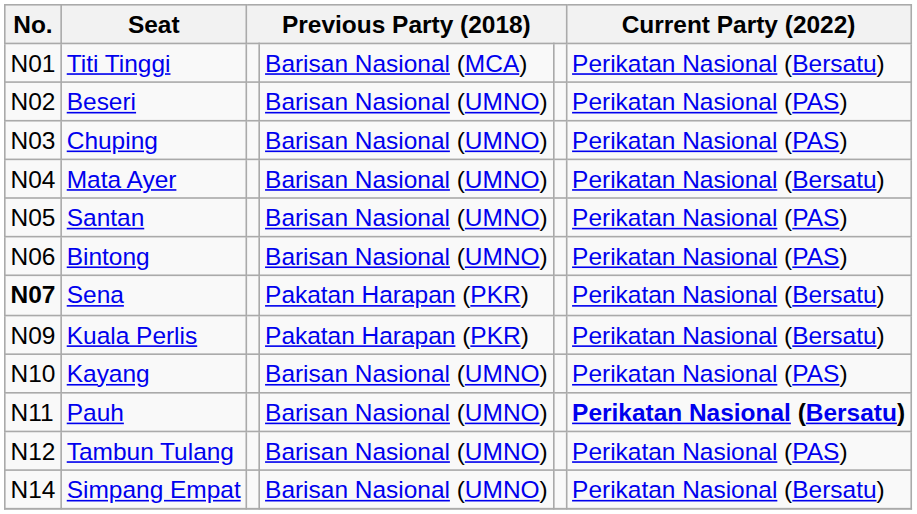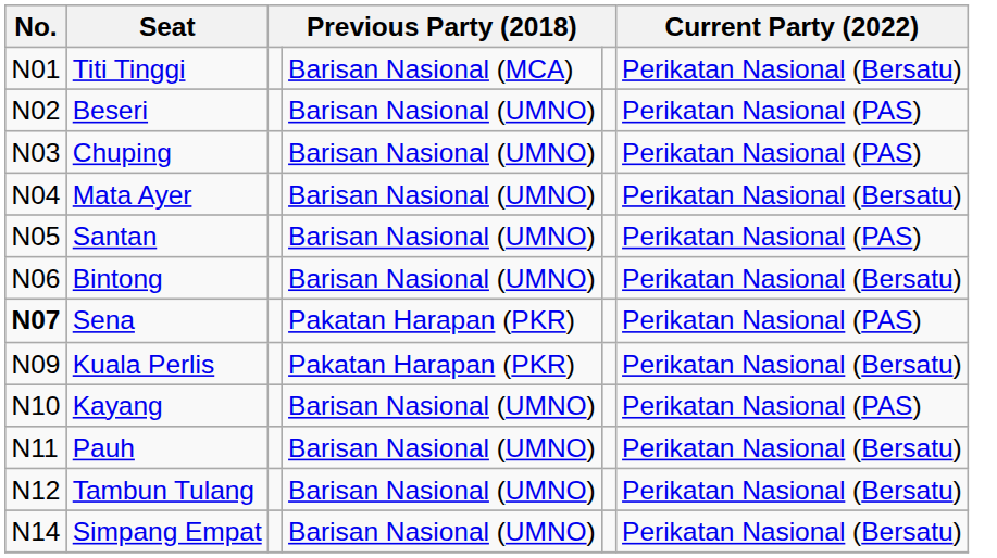 <table class="wikitable sortable" style="font-size:95%;">
 <tr>
 <th scope="col">No.</th>
 <th scope="col">Seat</th>
 <th colspan="3" scope="col">Previous Party (2018)</th>
 <th colspan="3" scope="col">Current Party (2022)</th>
 </tr>
 <tr>
 <td>N01</td>
 <td><a href='#'>Titi Tinggi</a></td>
 <td width="1"></td>
 <td><a href='#'>Barisan Nasional</a> (<a href='#'>MCA</a>)</td>
 <td width="1"></td>
 <td><a href='#'>Perikatan Nasional</a> (<a href='#'>Bersatu</a>)</td>
 </tr>
 <tr>
 <td>N02</td>
 <td><a href='#'>Beseri</a></td>
 <td width="1"></td>
 <td><a href='#'>Barisan Nasional</a> (<a href='#'>UMNO</a>)</td>
 <td width="1"></td>
 <td><a href='#'>Perikatan Nasional</a> (<a href='#'>PAS</a>)</td>
 </tr>
 <tr>
 <td>N03</td>
 <td><a href='#'>Chuping</a></td>
 <td width="1"></td>
 <td><a href='#'>Barisan Nasional</a> (<a href='#'>UMNO</a>)</td>
 <td width="1"></td>
 <td><a href='#'>Perikatan Nasional</a> (<a href='#'>PAS</a>)</td>
 </tr>
 <tr>
 <td>N04</td>
 <td><a href='#'>Mata Ayer</a></td>
 <td width="1"></td>
 <td><a href='#'>Barisan Nasional</a> (<a href='#'>UMNO</a>)</td>
 <td width="1"></td>
 <td><a href='#'>Perikatan Nasional</a> (<a href='#'>Bersatu</a>)</td>
 </tr>
 <tr>
 <td>N05</td>
 <td><a href='#'>Santan</a></td>
 <td width="1"></td>
 <td><a href='#'>Barisan Nasional</a> (<a href='#'>UMNO</a>)</td>
 <td width="1"></td>
 <td><a href='#'>Perikatan Nasional</a> (<a href='#'>PAS</a>)</td>
 </tr>
 <tr>
 <td>N06</td>
 <td><a href='#'>Bintong</a></td>
 <td width="1"></td>
 <td><a href='#'>Barisan Nasional</a> (<a href='#'>UMNO</a>)</td>
 <td width="1"></td>
-<td><a href='#'>Perikatan Nasional</a> (<a href='#'>PAS</a>)</td>
+<td><a href='#'>Perikatan Nasional</a> (<a href='#'>Bersatu</a>)</td>
 </tr>
 <tr>
 <td><strong>N07</strong></td>
 <td><a href='#'>Sena</a></td>
 <td width="1"></td>
 <td><a href='#'>Pakatan Harapan</a> (<a href='#'>PKR</a>)</td>
 <td width="1"></td>
-<td><a href='#'>Perikatan Nasional</a> (<a href='#'>Bersatu</a>)</td>
+<td><a href='#'>Perikatan Nasional</a> (<a href='#'>PAS</a>)</td>
 </tr>
 <tr>
 <td>N09</td>
 <td><a href='#'>Kuala Perlis</a></td>
 <td width="1"></td>
 <td><a href='#'>Pakatan Harapan</a> (<a href='#'>PKR</a>)</td>
 <td width="1"></td>
 <td><a href='#'>Perikatan Nasional</a> (<a href='#'>Bersatu</a>)</td>
 </tr>
 <tr>
 <td>N10</td>
 <td><a href='#'>Kayang</a></td>
 <td width="1"></td>
 <td><a href='#'>Barisan Nasional</a> (<a href='#'>UMNO</a>)</td>
 <td width="1"></td>
 <td><a href='#'>Perikatan Nasional</a> (<a href='#'>PAS</a>)</td>
 </tr>
 <tr>
 <td>N11</td>
 <td><a href='#'>Pauh</a></td>
 <td width="1"></td>
 <td><a href='#'>Barisan Nasional</a> (<a href='#'>UMNO</a>)</td>
 <td width="1"></td>
-<td><strong><a href='#'>Perikatan Nasional</a> (<a href='#'>Bersatu</a>)</strong></td>
+<td><a href='#'>Perikatan Nasional</a> (<a href='#'>Bersatu</a>)</td>
 </tr>
 <tr>
 <td>N12</td>
 <td><a href='#'>Tambun Tulang</a></td>
 <td width="1"></td>
 <td><a href='#'>Barisan Nasional</a> (<a href='#'>UMNO</a>)</td>
 <td width="1"></td>
-<td><a href='#'>Perikatan Nasional</a> (<a href='#'>PAS</a>)</td>
+<td><a href='#'>Perikatan Nasional</a> (<a href='#'>Bersatu</a>)</td>
 </tr>
 <tr>
 <td>N14</td>
 <td><a href='#'>Simpang Empat</a></td>
 <td width="1"></td>
 <td><a href='#'>Barisan Nasional</a> (<a href='#'>UMNO</a>)</td>
 <td width="1"></td>
 <td><a href='#'>Perikatan Nasional</a> (<a href='#'>Bersatu</a>)</td>
 </tr>
 <tr>
 </tr>
 </table>
